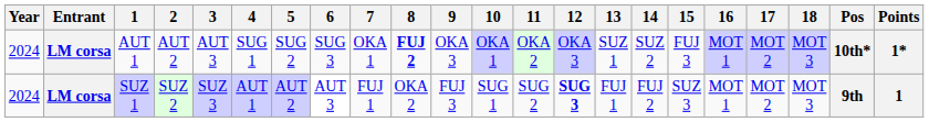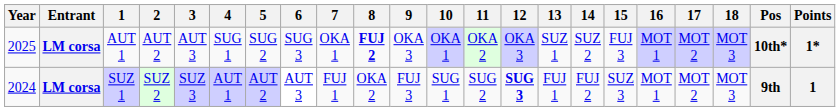 <table class="wikitable" style="text-align:center; font-size:85%">
 <tr>
 <th>Year</th>
 <th>Entrant</th>
 <th>1</th>
 <th>2</th>
 <th>3</th>
 <th>4</th>
 <th>5</th>
 <th>6</th>
 <th>7</th>
 <th>8</th>
 <th>9</th>
 <th>10</th>
 <th>11</th>
 <th>12</th>
 <th>13</th>
 <th>14</th>
 <th>15</th>
 <th>16</th>
 <th>17</th>
 <th>18</th>
 <th>Pos</th>
 <th>Points</th>
 </tr>
 <tr>
-<td><a href='#'>2024</a></td>
+<td><a href='#'>2025</a></td>
 <th nowrap><a href='#'>LM corsa</a></th>
 <td style="background:#;"><a href='#'>AUT<br>1</a><br></td>
 <td style="background:#;"><a href='#'>AUT<br>2</a><br></td>
 <td style="background:#;"><a href='#'>AUT<br>3</a><br></td>
 <td style="background:#;"><a href='#'>SUG<br>1</a><br></td>
 <td style="background:#;"><a href='#'>SUG<br>2</a><br></td>
 <td style="background:#;"><a href='#'>SUG<br>3</a><br></td>
 <td style="background:#;"><a href='#'>OKA<br>1</a><br></td>
 <td style="background:#;"><strong><a href='#'>FUJ<br>2</a><br></strong></td>
 <td style="background:#;"><a href='#'>OKA<br>3</a><br></td>
 <td style="background:#CFCFFF;"><a href='#'>OKA<br>1</a><br></td>
 <td style="background:#DFFFDF;"><a href='#'>OKA<br>2</a><em><br></td>
 <td style="background:#CFCFFF;"><a href='#'>OKA<br>3</a><br></td>
 <td style="background:#;"><a href='#'>SUZ<br>1</a><br></td>
 <td style="background:#;"><a href='#'>SUZ<br>2</a><br></td>
 <td style="background:#;"><a href='#'>FUJ<br>3</a><br></td>
 <td style="background:#CFCFFF;"><a href='#'>MOT<br>1</a><br></td>
 <td style="background:#CFCFFF;"><a href='#'>MOT<br>2</a><br></td>
 <td style="background:#CFCFFF;"><a href='#'>MOT<br>3</a><br></td>
 <th>10th*</th>
 <th>1*</th>
 </tr>
 <tr>
 <td><a href='#'>2024</a></td>
 <th nowrap><a href='#'>LM corsa</a></th>
 <td style="background:#CFCFFF;"><a href='#'>SUZ<br>1</a><br></td>
 <td style="background:#DFFFDF;"><a href='#'>SUZ<br>2</a><br></td>
 <td style="background:#CFCFFF;"><a href='#'>SUZ<br>3</a><br></td>
 <td style="background:#CFCFFF;"><a href='#'>AUT<br>1</a><br></td>
 <td style="background:#CFCFFF;"><a href='#'>AUT<br>2</a><br></td>
 <td style="background:#FFFFFF;"><a href='#'>AUT<br>3</a><br></td>
 <td style="background:#;"><a href='#'>FUJ<br>1</a><br></td>
 <td style="background:#;"><a href='#'>OKA<br>2</a><br></td>
 <td style="background:#;"><a href='#'>FUJ<br>3</a><br></td>
 <td style="background:#;"><a href='#'>SUG<br>1</a><br></td>
 <td style="background:#;"><a href='#'>SUG<br>2</a><br></td>
 <td style="background:#;"><strong><a href='#'>SUG<br>3</a><br></strong></td>
 <td style="background:#;"><a href='#'>FUJ<br>1</a><br></td>
 <td style="background:#;"><a href='#'>FUJ<br>2</a><br></td>
 <td style="background:#;"><a href='#'>SUZ<br>3</a><br></td>
 <td style="background:#;"><a href='#'>MOT<br>1</a><br></td>
 <td style="background:#;"><a href='#'>MOT<br>2</a><br></td>
 <td style="background:#;"><a href='#'>MOT<br>3</a><br></td>
 <th>9th</th>
 <th>1</th>
 </tr>
 </table>
